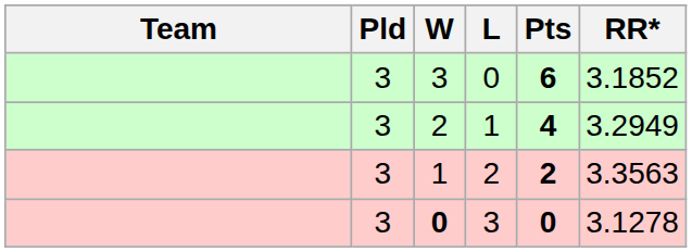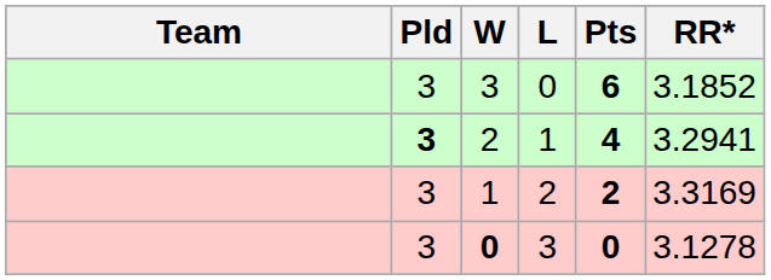 <table class="wikitable" border="1" style="text-align:center;">
 <tr>
 <th width=175>Team</th>
 <th width=20 abbr="Played">Pld</th>
 <th width=20 abbr="Won">W</th>
 <th width=20 abbr="Lost">L</th>
 <th width=20 abbr="Points">Pts</th>
 <th width=20 abbr="Run rate">RR*</th>
 </tr>
 <tr style="background:#cfc;">
 <td style="text-align:left;"></td>
 <td>3</td>
 <td>3</td>
 <td>0</td>
 <td><strong>6</strong></td>
 <td>3.1852</td>
 </tr>
 <tr style="background:#cfc;">
 <td style="text-align:left;"></td>
-<td>3</td>
+<td><strong>3</strong></td>
 <td>2</td>
 <td>1</td>
 <td><strong>4</strong></td>
-<td>3.2949</td>
+<td>3.2941</td>
 </tr>
 <tr style="background:#fcc;">
 <td style="text-align:left;"></td>
 <td>3</td>
 <td>1</td>
 <td>2</td>
 <td><strong>2</strong></td>
-<td>3.3563</td>
+<td>3.3169</td>
 </tr>
 <tr style="background:#fcc;">
 <td style="text-align:left;"></td>
 <td>3</td>
 <td><strong>0</strong></td>
 <td>3</td>
 <td><strong>0</strong></td>
 <td>3.1278</td>
 </tr>
 </table>
